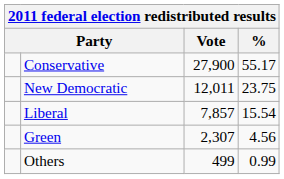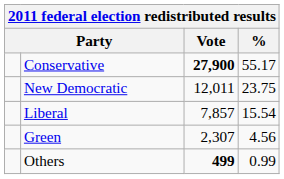 <table class="wikitable">
 <tr>
 <th colspan="4"><a href='#'>2011 federal election</a> redistributed results</th>
 </tr>
 <tr>
 <th bgcolor="#DDDDFF" width="130px" colspan="2">Party</th>
 <th bgcolor="#DDDDFF" width="50px">Vote</th>
 <th bgcolor="#DDDDFF" width="30px">%</th>
 </tr>
 <tr>
 <td> </td>
 <td><a href='#'>Conservative</a></td>
-<td align=right>27,900</td>
+<td align=right><strong>27,900</strong></td>
 <td align=right>55.17</td>
 </tr>
 <tr>
 <td> </td>
 <td><a href='#'>New Democratic</a></td>
 <td align=right>12,011</td>
 <td align=right>23.75</td>
 </tr>
 <tr>
 <td> </td>
 <td><a href='#'>Liberal</a></td>
 <td align=right>7,857</td>
 <td align=right>15.54</td>
 </tr>
 <tr>
 <td> </td>
 <td><a href='#'>Green</a></td>
 <td align=right>2,307</td>
 <td align=right>4.56</td>
 </tr>
 <tr>
 <td> </td>
 <td>Others</td>
-<td align=right>499</td>
+<td align=right><strong>499</strong></td>
 <td align=right>0.99</td>
 </tr>
 </table>
